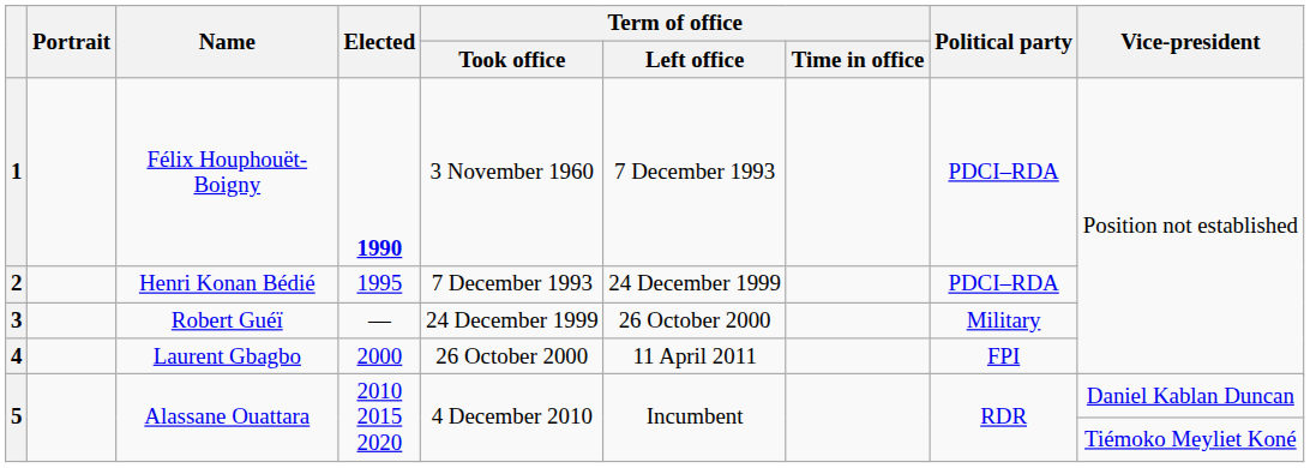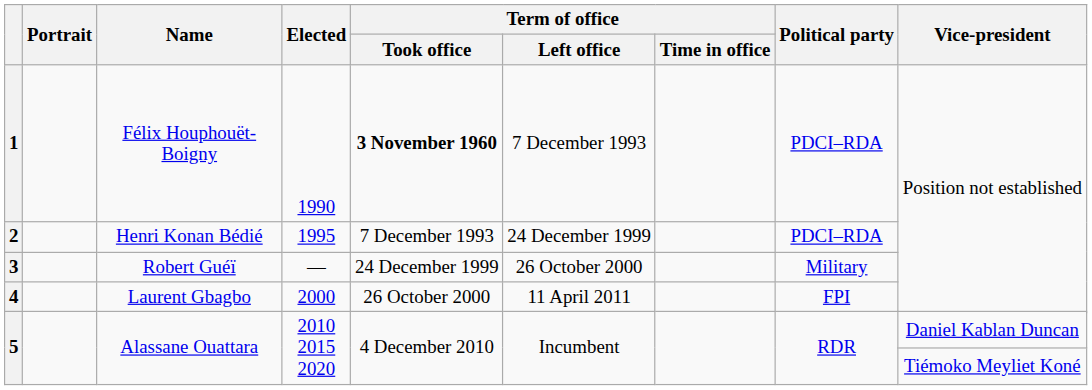 <table class="wikitable" style="text-align:center">
 <tr>
 <th rowspan="2"></th>
 <th rowspan="2">Portrait</th>
 <th rowspan="2" width="150">Name<br></th>
 <th rowspan="2">Elected</th>
 <th colspan="3">Term of office</th>
 <th rowspan="2">Political party<br></th>
 <th rowspan="2">Vice-president</th>
 </tr>
 <tr>
 <th>Took office</th>
 <th>Left office</th>
 <th>Time in office</th>
 </tr>
 <tr>
 <th style="background-color:">1</th>
 <td></td>
 <td><a href='#'>Félix Houphouët-Boigny</a><br></td>
-<td><strong><br><br><br><br><br><br><a href='#'>1990</a></strong></td>
-<td>3 November 1960</td>
+<td><br><br><br><br><br><br><a href='#'>1990</a></td>
+<td><strong>3 November 1960</strong></td>
 <td>7 December 1993</td>
 <td></td>
 <td><a href='#'>PDCI–RDA</a></td>
 <td rowspan="5">Position not established</td>
 </tr>
 <tr>
 <th style="background-color:">2</th>
 <td></td>
 <td><a href='#'>Henri Konan Bédié</a><br></td>
 <td><a href='#'>1995</a></td>
 <td>7 December 1993</td>
 <td>24 December 1999<br></td>
 <td></td>
 <td><a href='#'>PDCI–RDA</a></td>
 </tr>
 <tr>
 <th style="background-color:">3</th>
 <td></td>
 <td><a href='#'>Robert Guéï</a><br></td>
 <td>—</td>
 <td>24 December 1999</td>
 <td>26 October 2000</td>
 <td></td>
 <td><a href='#'>Military</a></td>
 </tr>
 <tr>
 <th style="background-color:">4</th>
 <td></td>
 <td><a href='#'>Laurent Gbagbo</a><br></td>
 <td><a href='#'>2000</a></td>
 <td>26 October 2000</td>
 <td>11 April 2011<br></td>
 <td></td>
 <td><a href='#'>FPI</a></td>
 </tr>
 <tr>
 <th rowspan="3" style="background-color:">5</th>
 <td rowspan="3"></td>
 <td rowspan="3"><a href='#'>Alassane Ouattara</a><br></td>
 <td rowspan="3"><a href='#'>2010</a><br><a href='#'>2015</a><br><a href='#'>2020</a></td>
 <td rowspan="3">4 December 2010</td>
 <td rowspan="3">Incumbent</td>
 <td rowspan="3"></td>
 <td rowspan="3"><a href='#'>RDR</a><br></td>
 </tr>
 <tr>
 <td><a href='#'>Daniel Kablan Duncan</a></td>
 </tr>
 <tr>
 <td><a href='#'>Tiémoko Meyliet Koné</a></td>
 </tr>
 </table>
